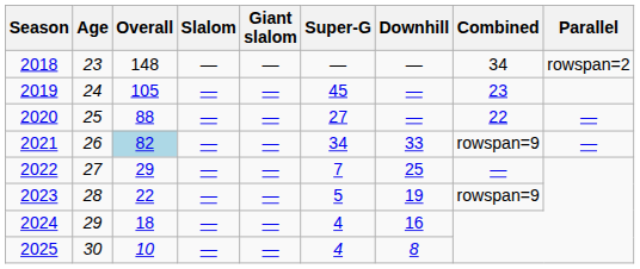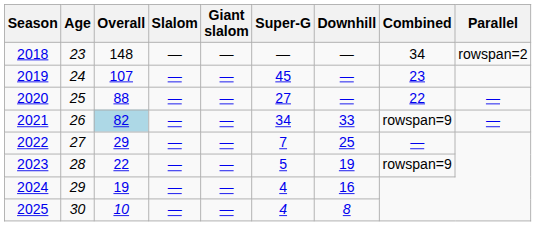 <table class=wikitable style="text-align:center">
 <tr>
 <th>Season</th>
 <th>Age</th>
 <th>Overall</th>
 <th>Slalom</th>
 <th>Giant<br>slalom</th>
 <th>Super-G</th>
 <th>Downhill</th>
 <th>Combined</th>
 <th>Parallel</th>
 </tr>
 <tr>
 <td><a href='#'>2018</a></td>
 <td><em>23</em></td>
 <td>148</td>
 <td>—</td>
 <td>—</td>
 <td>—</td>
 <td>—</td>
 <td>34</td>
 <td>rowspan=2 </td>
 </tr>
 <tr>
 <td><a href='#'>2019</a></td>
 <td><em>24</em></td>
-<td><a href='#'>105</a></td>
+<td><a href='#'>107</a></td>
 <td><a href='#'>—</a></td>
 <td><a href='#'>—</a></td>
 <td><a href='#'>45</a></td>
 <td><a href='#'>—</a></td>
 <td><a href='#'>23</a></td>
 </tr>
 <tr>
 <td><a href='#'>2020</a></td>
 <td><em>25</em></td>
 <td><a href='#'>88</a></td>
 <td><a href='#'>—</a></td>
 <td><a href='#'>—</a></td>
 <td><a href='#'>27</a></td>
 <td><a href='#'>—</a></td>
 <td><a href='#'>22</a></td>
 <td><a href='#'>—</a></td>
 </tr>
 <tr>
 <td><a href='#'>2021</a></td>
 <td><em>26</em></td>
 <td style="background: lightblue;"><a href='#'>82</a></td>
 <td><a href='#'>—</a></td>
 <td><a href='#'>—</a></td>
 <td><a href='#'>34</a></td>
 <td><a href='#'>33</a></td>
 <td>rowspan=9 </td>
 <td><a href='#'>—</a></td>
 </tr>
 <tr>
 <td><a href='#'>2022</a></td>
 <td><em>27</em></td>
 <td><a href='#'>29</a></td>
 <td><a href='#'>—</a></td>
 <td><a href='#'>—</a></td>
 <td><a href='#'>7</a></td>
 <td><a href='#'>25</a></td>
 <td><a href='#'>—</a></td>
 </tr>
 <tr>
 <td><a href='#'>2023</a></td>
 <td><em>28</em></td>
 <td><a href='#'>22</a></td>
 <td><a href='#'>—</a></td>
 <td><a href='#'>—</a></td>
 <td><a href='#'>5</a></td>
 <td><a href='#'>19</a></td>
 <td>rowspan=9</td>
 </tr>
 <tr>
 <td><a href='#'>2024</a></td>
 <td><em>29</em></td>
-<td><a href='#'>18</a></td>
+<td><a href='#'>19</a></td>
 <td><a href='#'>—</a></td>
 <td><a href='#'>—</a></td>
 <td><a href='#'>4</a></td>
 <td><a href='#'>16</a></td>
 </tr>
 <tr>
 <td><a href='#'>2025</a></td>
 <td><em>30</em></td>
 <td><a href='#'><em>10</em></a></td>
 <td><a href='#'>—</a></td>
 <td><a href='#'>—</a></td>
 <td><a href='#'><em>4</em></a></td>
 <td><a href='#'><em>8</em></a></td>
 </tr>
 </table>
